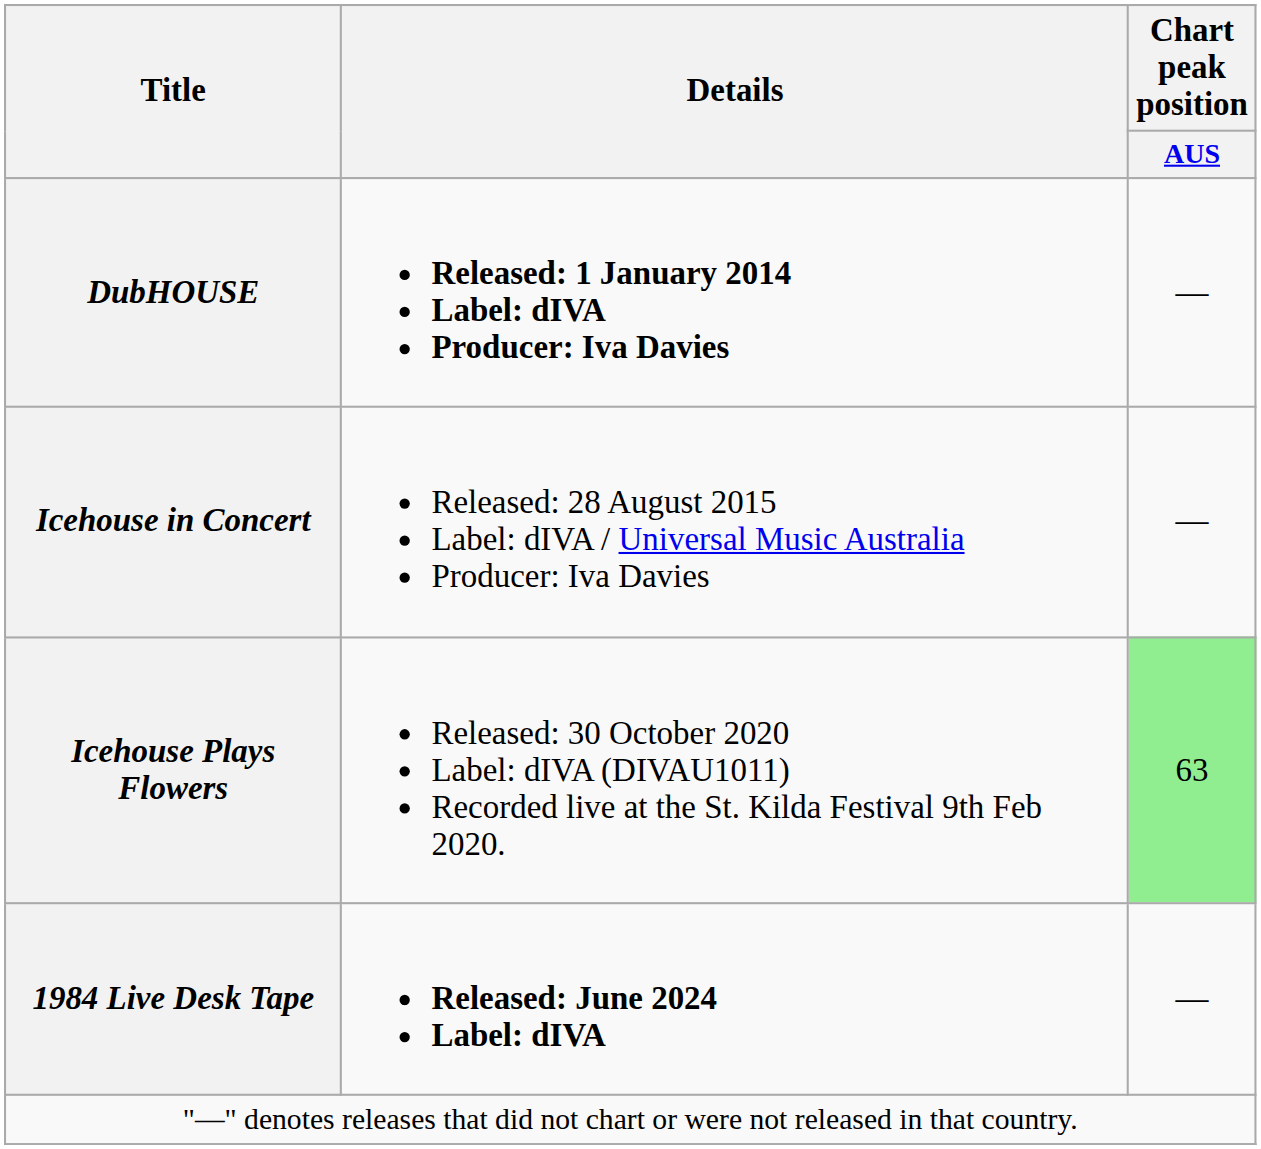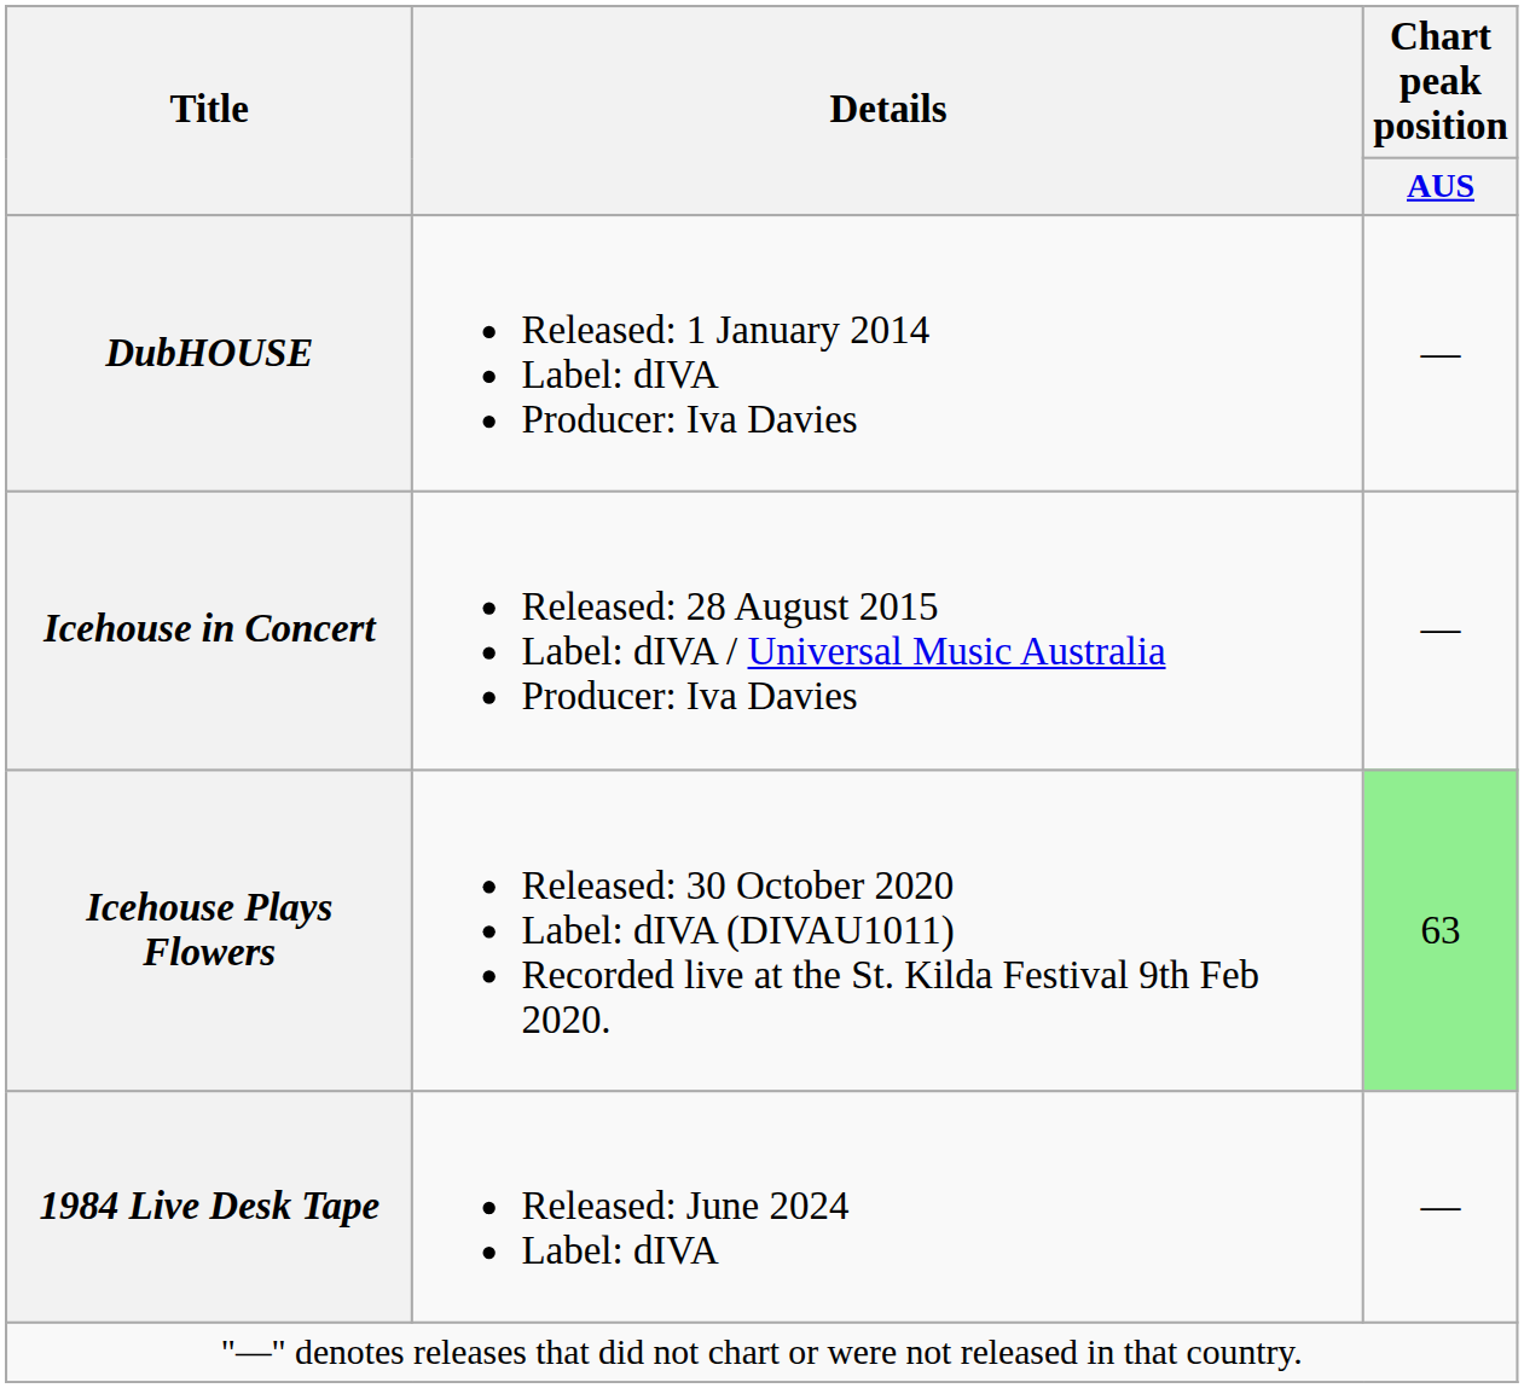 <table class="wikitable plainrowheaders">
 <tr>
 <th rowspan="2">Title</th>
 <th rowspan="2">Details</th>
 <th rowspan="1">Chart<br>peak position</th>
 </tr>
 <tr>
 <th style="width:3em;font-size:85%"><a href='#'>AUS</a><br></th>
 </tr>
 <tr>
 <th scope="row"><em>DubHOUSE</em></th>
-<td><strong><br><ul><li>Released: 1 January 2014</li><li>Label: dIVA</li><li>Producer: Iva Davies</li></ul></strong></td>
+<td><br><ul><li>Released: 1 January 2014</li><li>Label: dIVA</li><li>Producer: Iva Davies</li></ul></td>
 <td style="text-align:center;">—</td>
 </tr>
 <tr>
 <th scope="row"><em>Icehouse in Concert</em></th>
 <td><br><ul><li>Released: 28 August 2015</li><li>Label: dIVA / <a href='#'>Universal Music Australia</a></li><li>Producer: Iva Davies</li></ul></td>
 <td style="text-align:center;">—</td>
 </tr>
 <tr>
 <th scope="row"><em>Icehouse Plays Flowers</em></th>
 <td><br><ul><li>Released: 30 October 2020</li><li>Label: dIVA (DIVAU1011)</li><li>Recorded live at the St. Kilda Festival 9th Feb 2020.</li></ul></td>
 <td style="background: lightgreen; text-align:center;">63</td>
 </tr>
 <tr>
 <th scope="row"><em>1984 Live Desk Tape</em></th>
-<td><strong><br><ul><li>Released: June 2024</li><li>Label: dIVA</li></ul></strong></td>
+<td><br><ul><li>Released: June 2024</li><li>Label: dIVA</li></ul></td>
 <td style="text-align:center;">—</td>
 </tr>
 <tr>
 <td align="center" colspan="5" style="font-size: 90%">"—" denotes releases that did not chart or were not released in that country.</td>
 </tr>
 <tr>
 </tr>
 </table>
